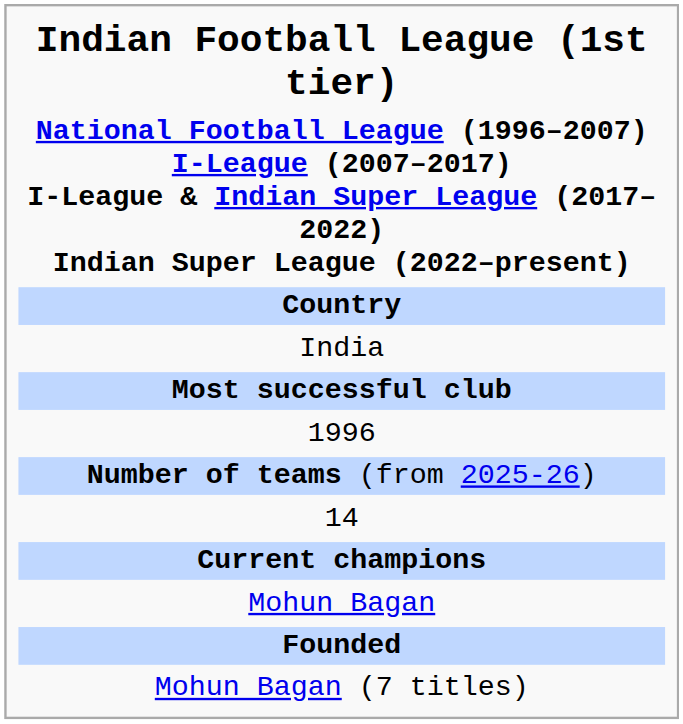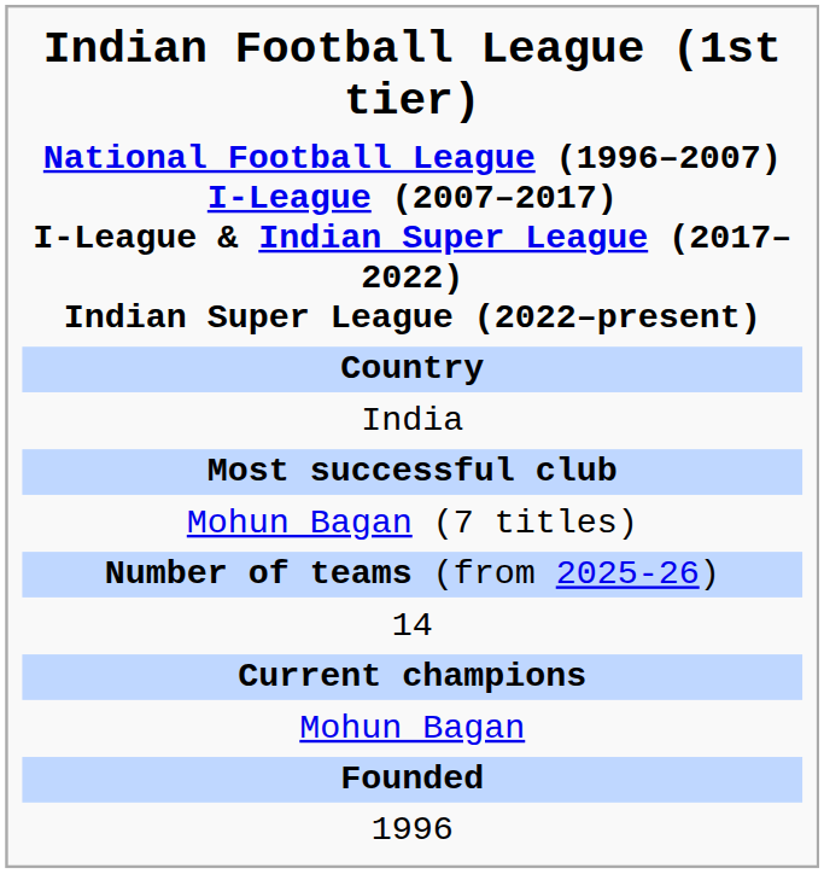 <table class="infobox football" style="width: 22em; text-align: center;">
 <tr>
 <th style="font-size: 16px;">Indian Football League (1st tier)</th>
 </tr>
 <tr>
 <th style="font-size: 12px;"><a href='#'>National Football League</a> (1996–2007)<br><a href='#'>I-League</a> (2007–2017)<br>I-League & <a href='#'>Indian Super League</a> (2017–2022)<br> Indian Super League (2022–present)</th>
 </tr>
 <tr>
 <td style="font-size: 12px; background: #BFD7FF;"><strong>Country</strong></td>
 </tr>
 <tr>
 <td style="font-size: 12px;"> India</td>
 </tr>
 <tr>
 <td style="font-size: 12px; background: #BFD7FF;"><strong>Most successful club</strong></td>
 </tr>
 <tr>
-<td style="font-size: 12px;">1996</td>
+<td style="font-size: 12px;"><a href='#'>Mohun Bagan</a> (7 titles)</td>
 </tr>
 <tr>
 <td style="font-size: 12px; background: #BFD7FF;"><strong>Number of teams</strong> (from <a href='#'>2025-26</a>)</td>
 </tr>
 <tr>
 <td style="font-size: 12px;">14</td>
 </tr>
 <tr>
 <td style="font-size: 12px; background: #BFD7FF;"><strong>Current champions</strong></td>
 </tr>
 <tr>
 <td style="font-size: 12px;"><a href='#'>Mohun Bagan</a></td>
 </tr>
 <tr>
 <td style="font-size: 12px; background: #BFD7FF;"><strong>Founded</strong></td>
 </tr>
 <tr>
-<td style="font-size: 12px;"><a href='#'>Mohun Bagan</a> (7 titles)</td>
+<td style="font-size: 12px;">1996</td>
 </tr>
 </table>
